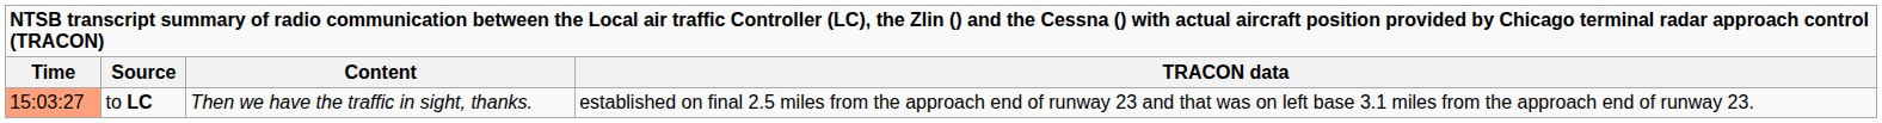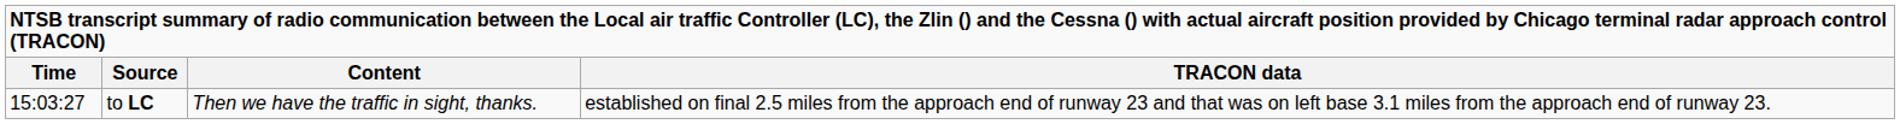 <table class="wikitable">
 <tr>
 <td colspan="4"><strong>NTSB transcript summary of radio communication between the Local air traffic Controller (LC), the Zlin () and the Cessna () with actual aircraft position provided by Chicago terminal radar approach control (TRACON)</strong></td>
 </tr>
 <tr>
 <th>Time</th>
 <th>Source</th>
 <th>Content</th>
 <th>TRACON data</th>
 </tr>
 <tr>
-<td style="background: lightsalmon;">15:03:27</td>
+<td>15:03:27</td>
 <td> to <strong>LC</strong></td>
 <td><em>Then we have the traffic in sight, thanks.</em></td>
 <td> established on final 2.5 miles from the approach end of runway 23 and that  was on left base 3.1 miles from the approach end of runway 23.</td>
 </tr>
 </table>
